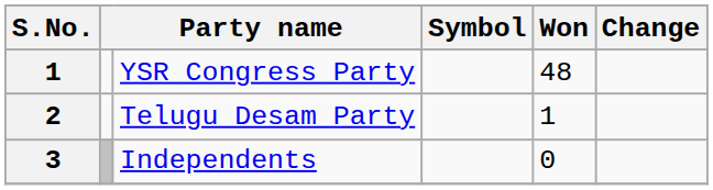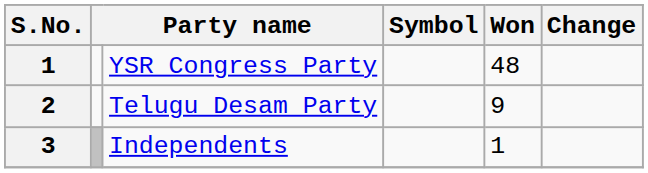 <table CLASS="sortable wikitable">
 <tr>
 <th>S.No.</th>
 <th colspan=2>Party name</th>
 <th>Symbol</th>
 <th>Won</th>
 <th>Change</th>
 </tr>
 <tr>
 <th>1</th>
 <td></td>
 <td><a href='#'>YSR Congress Party</a></td>
 <td></td>
 <td>48</td>
 <td></td>
 </tr>
 <tr>
 <th>2</th>
 <td></td>
 <td><a href='#'>Telugu Desam Party</a></td>
 <td></td>
-<td>1</td>
+<td>9</td>
 <td></td>
 </tr>
 <tr>
 <th>3</th>
 <td bgcolor=#C1C1C1></td>
 <td><a href='#'>Independents</a></td>
 <td></td>
-<td>0</td>
+<td>1</td>
 <td></td>
 </tr>
 <tr>
 </tr>
 </table>
